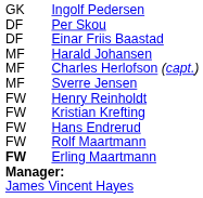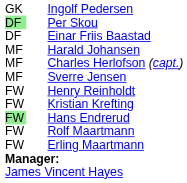 <table cellspacing="0" cellpadding="0" style="font-size:90%; margin:0.2em auto;">
 <tr>
 <th width="25"></th>
 <th width="25"></th>
 </tr>
 <tr>
 <td>GK</td>
 <td><strong> </strong></td>
 <td><a href='#'>Ingolf Pedersen</a></td>
 </tr>
 <tr>
-<td>DF</td>
+<td style="background: lightgreen;">DF</td>
 <td><strong> </strong></td>
 <td><a href='#'>Per Skou</a></td>
 </tr>
 <tr>
 <td>DF</td>
 <td><strong> </strong></td>
 <td><a href='#'>Einar Friis Baastad</a></td>
 </tr>
 <tr>
 <td>MF</td>
 <td><strong> </strong></td>
 <td><a href='#'>Harald Johansen</a></td>
 </tr>
 <tr>
 <td>MF</td>
 <td><strong> </strong></td>
 <td><a href='#'>Charles Herlofson</a> <em>(<a href='#'>capt.</a>)</em></td>
 </tr>
 <tr>
 <td>MF</td>
 <td><strong> </strong></td>
 <td><a href='#'>Sverre Jensen</a></td>
 </tr>
 <tr>
 <td>FW</td>
 <td><strong> </strong></td>
 <td><a href='#'>Henry Reinholdt</a></td>
 </tr>
 <tr>
 <td>FW</td>
 <td><strong> </strong></td>
 <td><a href='#'>Kristian Krefting</a></td>
 </tr>
 <tr>
-<td>FW</td>
+<td style="background: lightgreen;">FW</td>
 <td><strong> </strong></td>
 <td><a href='#'>Hans Endrerud</a></td>
 </tr>
 <tr>
 <td>FW</td>
 <td><strong> </strong></td>
 <td><a href='#'>Rolf Maartmann</a></td>
 </tr>
 <tr>
-<td><strong>FW</strong></td>
+<td>FW</td>
 <td><strong> </strong></td>
 <td><a href='#'>Erling Maartmann</a></td>
 </tr>
 <tr>
 <td colspan=3><strong>Manager:</strong></td>
 </tr>
 <tr>
 <td colspan=4> <a href='#'>James Vincent Hayes</a></td>
 </tr>
 </table>
